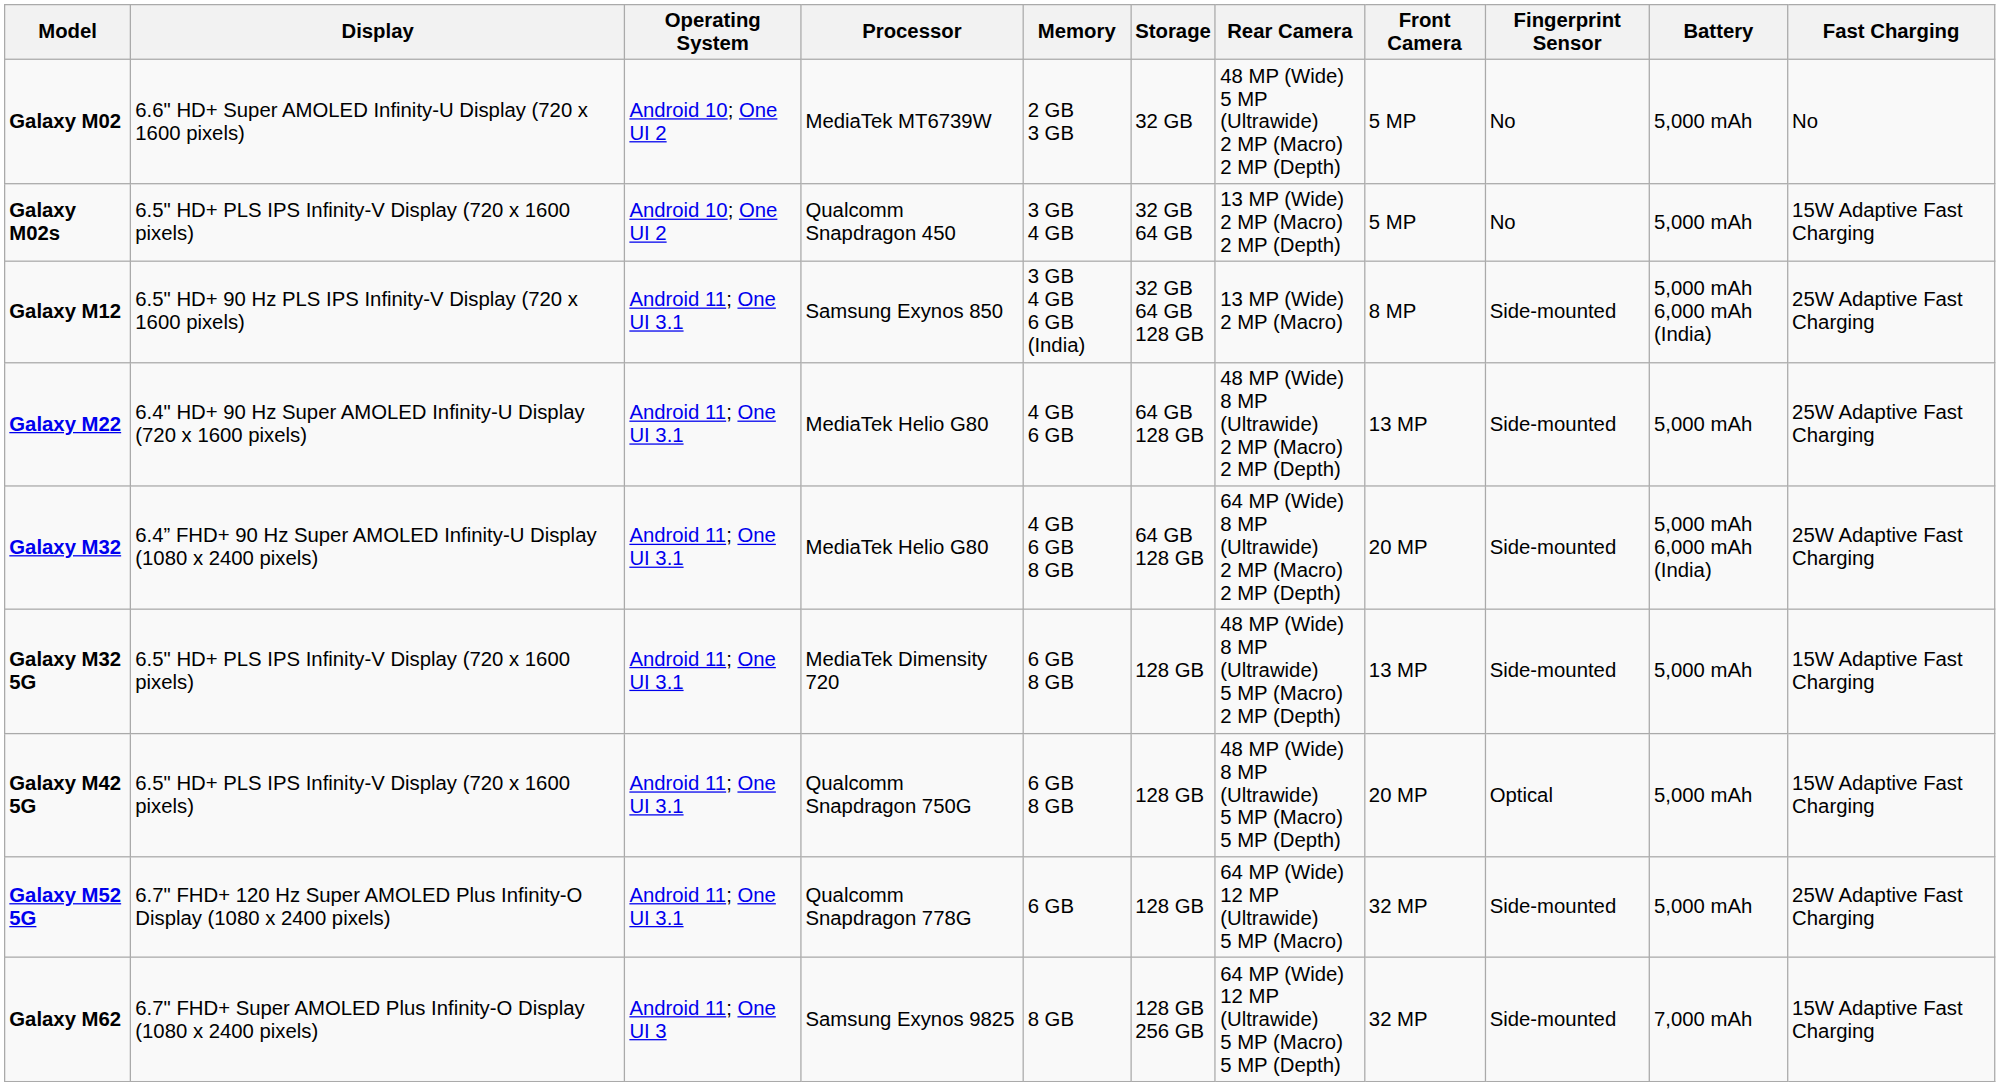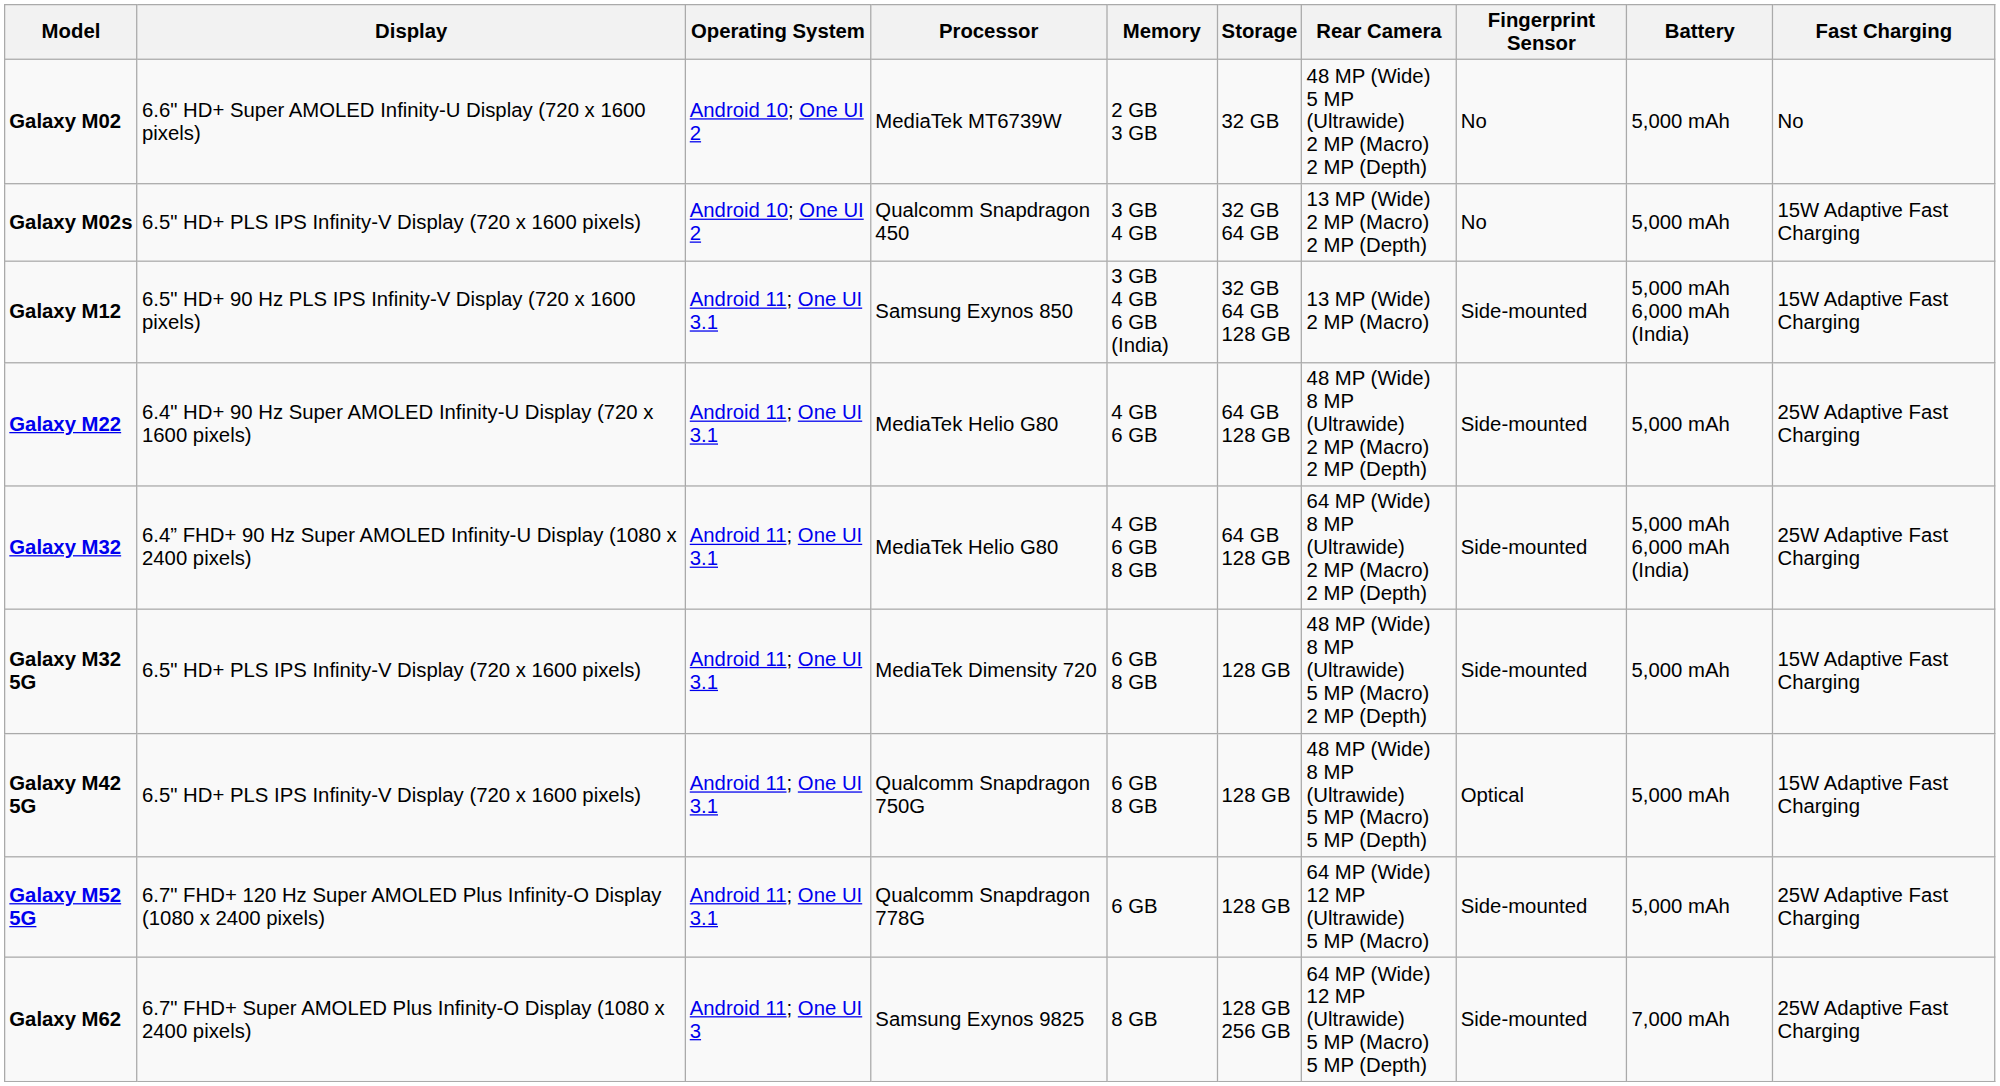 <table class="wikitable">
 <tr>
 <th>Model</th>
 <th>Display</th>
 <th>Operating System</th>
 <th>Processor</th>
 <th>Memory</th>
 <th>Storage</th>
 <th>Rear Camera</th>
-<th>Front Camera</th>
 <th>Fingerprint Sensor</th>
 <th>Battery</th>
 <th>Fast Charging</th>
 </tr>
 <tr>
 <td><strong>Galaxy M02</strong></td>
 <td>6.6" HD+ Super AMOLED Infinity-U Display (720 x 1600 pixels)</td>
 <td><a href='#'>Android 10</a>; <a href='#'>One UI 2</a></td>
 <td>MediaTek MT6739W</td>
 <td>2 GB<br>3 GB</td>
 <td>32 GB</td>
 <td>48 MP (Wide)<br>5 MP (Ultrawide)<br> 2 MP (Macro)<br> 2 MP (Depth)</td>
-<td>5 MP</td>
 <td>No</td>
 <td>5,000 mAh</td>
 <td>No</td>
 </tr>
 <tr>
 <td><strong>Galaxy M02s</strong></td>
 <td>6.5" HD+ PLS IPS Infinity-V Display (720 x 1600 pixels)</td>
 <td><a href='#'>Android 10</a>; <a href='#'>One UI 2</a></td>
 <td>Qualcomm Snapdragon 450</td>
 <td>3 GB<br>4 GB</td>
 <td>32 GB<br>64 GB</td>
 <td>13 MP (Wide)<br>2 MP (Macro)<br> 2 MP (Depth)</td>
-<td>5 MP</td>
 <td>No</td>
 <td>5,000 mAh</td>
 <td>15W Adaptive Fast Charging</td>
 </tr>
 <tr>
 <td><strong>Galaxy M12</strong></td>
 <td>6.5" HD+ 90 Hz PLS IPS Infinity-V Display (720 x 1600 pixels)</td>
 <td><a href='#'>Android 11</a>; <a href='#'>One UI 3.1</a></td>
 <td>Samsung Exynos 850</td>
 <td>3 GB<br>4 GB<br> 6 GB (India)</td>
 <td>32 GB<br>64 GB<br> 128 GB</td>
 <td>13 MP (Wide)<br>2 MP (Macro)</td>
-<td>8 MP</td>
 <td>Side-mounted</td>
 <td>5,000 mAh<br>6,000 mAh (India)</td>
-<td>25W Adaptive Fast Charging</td>
+<td>15W Adaptive Fast Charging</td>
 </tr>
 <tr>
 <td><strong><a href='#'>Galaxy M22</a></strong></td>
 <td>6.4" HD+ 90 Hz Super AMOLED Infinity-U Display (720 x 1600 pixels)</td>
 <td><a href='#'>Android 11</a>; <a href='#'>One UI 3.1</a></td>
 <td>MediaTek Helio G80</td>
 <td>4 GB<br>6 GB</td>
 <td>64 GB<br>128 GB</td>
 <td>48 MP (Wide)<br>8 MP (Ultrawide)<br> 2 MP (Macro)<br> 2 MP (Depth)</td>
-<td>13 MP</td>
 <td>Side-mounted</td>
 <td>5,000 mAh</td>
 <td>25W Adaptive Fast Charging</td>
 </tr>
 <tr>
 <td><strong><a href='#'>Galaxy M32</a></strong></td>
 <td>6.4” FHD+ 90 Hz Super AMOLED Infinity-U Display (1080 x 2400 pixels)</td>
 <td><a href='#'>Android 11</a>; <a href='#'>One UI 3.1</a></td>
 <td>MediaTek Helio G80</td>
 <td>4 GB<br>6 GB<br> 8 GB</td>
 <td>64 GB<br>128 GB</td>
 <td>64 MP (Wide)<br>8 MP (Ultrawide)<br> 2 MP (Macro)<br> 2 MP (Depth)</td>
-<td>20 MP</td>
 <td>Side-mounted</td>
 <td>5,000 mAh<br>6,000 mAh (India)</td>
 <td>25W Adaptive Fast Charging</td>
 </tr>
 <tr>
 <td><strong>Galaxy M32 5G</strong></td>
 <td>6.5" HD+ PLS IPS Infinity-V Display (720 x 1600 pixels)</td>
 <td><a href='#'>Android 11</a>; <a href='#'>One UI 3.1</a></td>
 <td>MediaTek Dimensity 720</td>
 <td>6 GB<br>8 GB</td>
 <td>128 GB</td>
 <td>48 MP (Wide)<br>8 MP (Ultrawide)<br> 5 MP (Macro)<br> 2 MP (Depth)</td>
-<td>13 MP</td>
 <td>Side-mounted</td>
 <td>5,000 mAh</td>
 <td>15W Adaptive Fast Charging</td>
 </tr>
 <tr>
 <td><strong>Galaxy M42 5G</strong></td>
 <td>6.5" HD+ PLS IPS Infinity-V Display (720 x 1600 pixels)</td>
 <td><a href='#'>Android 11</a>; <a href='#'>One UI 3.1</a></td>
 <td>Qualcomm Snapdragon 750G</td>
 <td>6 GB<br>8 GB</td>
 <td>128 GB</td>
 <td>48 MP (Wide)<br>8 MP (Ultrawide)<br> 5 MP (Macro)<br> 5 MP (Depth)</td>
-<td>20 MP</td>
 <td>Optical</td>
 <td>5,000 mAh</td>
 <td>15W Adaptive Fast Charging</td>
 </tr>
 <tr>
 <td><strong><a href='#'>Galaxy M52 5G</a></strong></td>
 <td>6.7" FHD+ 120 Hz Super AMOLED Plus Infinity-O Display (1080 x 2400 pixels)</td>
 <td><a href='#'>Android 11</a>; <a href='#'>One UI 3.1</a></td>
 <td>Qualcomm Snapdragon 778G</td>
 <td>6 GB</td>
 <td>128 GB</td>
 <td>64 MP (Wide)<br>12 MP (Ultrawide)<br> 5 MP (Macro)</td>
-<td>32 MP</td>
 <td>Side-mounted</td>
 <td>5,000 mAh</td>
 <td>25W Adaptive Fast Charging</td>
 </tr>
 <tr>
 <td><strong>Galaxy M62</strong></td>
 <td>6.7" FHD+ Super AMOLED Plus Infinity-O Display (1080 x 2400 pixels)</td>
 <td><a href='#'>Android 11</a>; <a href='#'>One UI 3</a></td>
 <td>Samsung Exynos 9825</td>
 <td>8 GB</td>
 <td>128 GB<br>256 GB</td>
 <td>64 MP (Wide)<br>12 MP (Ultrawide)<br> 5 MP (Macro)<br> 5 MP (Depth)</td>
-<td>32 MP</td>
 <td>Side-mounted</td>
 <td>7,000 mAh</td>
-<td>15W Adaptive Fast Charging</td>
+<td>25W Adaptive Fast Charging</td>
 </tr>
 </table>
